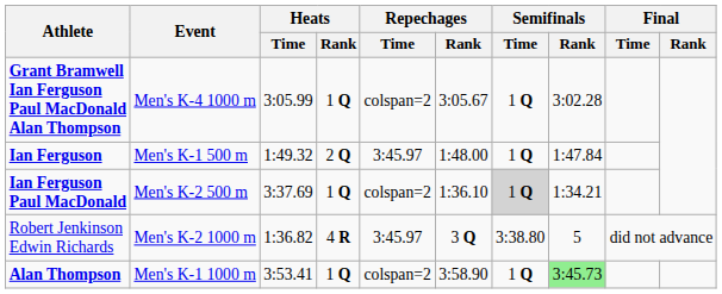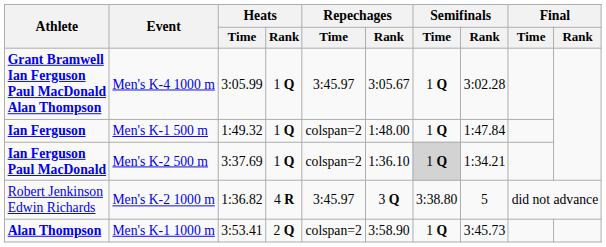 <table class="wikitable" style="font-size:90%;text-align:center;">
 <tr>
 <th rowspan=2>Athlete</th>
 <th rowspan=2>Event</th>
 <th colspan=2>Heats</th>
 <th colspan=2>Repechages</th>
 <th colspan=2>Semifinals</th>
 <th colspan=2>Final</th>
 </tr>
 <tr style="font-size:95%">
 <th>Time</th>
 <th>Rank</th>
 <th>Time</th>
 <th>Rank</th>
 <th>Time</th>
 <th>Rank</th>
 <th>Time</th>
 <th>Rank</th>
 </tr>
 <tr>
 <td align=left><strong><a href='#'>Grant Bramwell</a><br><a href='#'>Ian Ferguson</a><br><a href='#'>Paul MacDonald</a><br><a href='#'>Alan Thompson</a></strong></td>
 <td align=left><a href='#'>Men's K-4 1000 m</a></td>
 <td>3:05.99</td>
 <td>1 <strong>Q</strong></td>
-<td>colspan=2 </td>
+<td>3:45.97</td>
 <td>3:05.67</td>
 <td>1 <strong>Q</strong></td>
 <td>3:02.28</td>
 <td></td>
 </tr>
 <tr>
 <td align=left><strong><a href='#'>Ian Ferguson</a></strong></td>
 <td align=left><a href='#'>Men's K-1 500 m</a></td>
 <td>1:49.32</td>
-<td>2 <strong>Q</strong></td>
-<td>3:45.97</td>
+<td>1 <strong>Q</strong></td>
+<td>colspan=2 </td>
 <td>1:48.00</td>
 <td>1 <strong>Q</strong></td>
 <td>1:47.84</td>
 <td></td>
 </tr>
 <tr>
 <td align=left><strong><a href='#'>Ian Ferguson</a></strong><br><strong><a href='#'>Paul MacDonald</a></strong></td>
 <td align=left><a href='#'>Men's K-2 500 m</a></td>
 <td>3:37.69</td>
 <td>1 <strong>Q</strong></td>
 <td>colspan=2 </td>
 <td>1:36.10</td>
 <td style="background: lightgrey;">1 <strong>Q</strong></td>
 <td>1:34.21</td>
 <td></td>
 </tr>
 <tr>
 <td align=left><a href='#'>Robert Jenkinson</a><br><a href='#'>Edwin Richards</a></td>
 <td align=left><a href='#'>Men's K-2 1000 m</a></td>
 <td>1:36.82</td>
 <td>4 <strong>R</strong></td>
 <td>3:45.97</td>
 <td>3 <strong>Q</strong></td>
 <td>3:38.80</td>
 <td>5</td>
 <td colspan=2>did not advance</td>
 </tr>
 <tr>
 <td align=left><strong><a href='#'>Alan Thompson</a></strong></td>
 <td align=left><a href='#'>Men's K-1 1000 m</a></td>
 <td>3:53.41</td>
-<td>1 <strong>Q</strong></td>
+<td>2 <strong>Q</strong></td>
 <td>colspan=2 </td>
 <td>3:58.90</td>
 <td>1 <strong>Q</strong></td>
-<td style="background: lightgreen;">3:45.73</td>
+<td>3:45.73</td>
 <td></td>
 </tr>
 </table>
